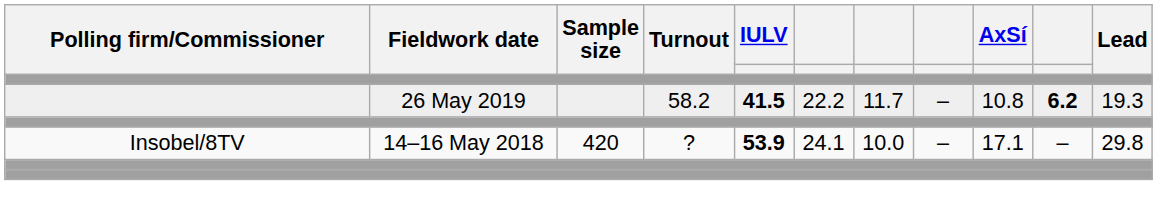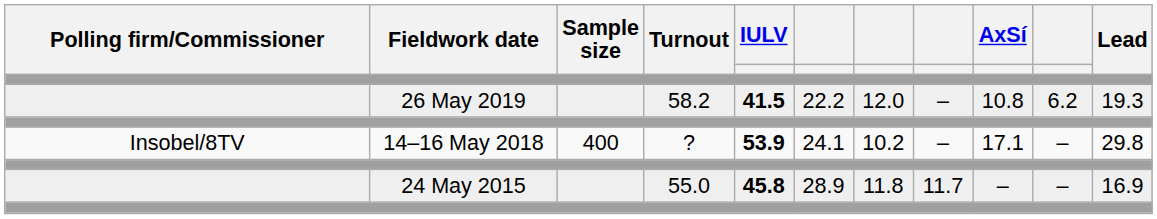 <table class="wikitable collapsible collapsed" style="text-align:center; font-size:95%; line-height:16px;">
 <tr style="height:42px;">
 <th style="width:250px;" rowspan="2">Polling firm/Commissioner</th>
 <th style="width:125px;" rowspan="2">Fieldwork date</th>
 <th style="width:50px;" rowspan="2">Sample size</th>
 <th style="width:45px;" rowspan="2">Turnout</th>
 <th style="width:35px;"><a href='#'>IULV</a></th>
 <th style="width:35px;"></th>
 <th style="width:35px;"></th>
 <th style="width:35px;"></th>
 <th style="width:35px;"><a href='#'>AxSí</a></th>
 <th style="width:35px;"></th>
 <th style="width:30px;" rowspan="2">Lead</th>
 </tr>
 <tr>
 <th style="color:inherit;background:"></th>
 <th style="color:inherit;background:"></th>
 <th style="color:inherit;background:"></th>
 <th style="color:inherit;background:"></th>
 <th style="color:inherit;background:"></th>
 <th style="color:inherit;background:"></th>
 </tr>
 <tr>
 <td colspan="11" style="background:#A0A0A0"></td>
 </tr>
 <tr style="background:#EFEFEF;">
 <td><strong></strong></td>
 <td>26 May 2019</td>
 <td></td>
 <td>58.2</td>
 <td><strong>41.5</strong><br></td>
 <td>22.2<br></td>
-<td>11.7<br></td>
+<td>12.0<br></td>
 <td>–</td>
 <td>10.8<br></td>
-<td><strong>6.2<br></strong></td>
+<td>6.2<br></td>
 <td style="background:">19.3</td>
 </tr>
 <tr>
 <td colspan="11" style="background:#A0A0A0"></td>
 </tr>
 <tr>
 <td>Insobel/8TV</td>
 <td>14–16 May 2018</td>
-<td>420</td>
+<td>400</td>
 <td>?</td>
 <td><strong>53.9</strong><br></td>
 <td>24.1<br></td>
-<td>10.0<br></td>
+<td>10.2<br></td>
 <td>–</td>
 <td>17.1<br></td>
 <td>–</td>
 <td style="background:">29.8</td>
 </tr>
 <tr>
 <td colspan="11" style="background:#A0A0A0"></td>
 </tr>
+<tr style="background:#EFEFEF;">
+<td><strong></strong></td>
+<td>24 May 2015</td>
+<td></td>
+<td>55.0</td>
+<td><strong>45.8</strong><br></td>
+<td>28.9<br></td>
+<td>11.8<br></td>
+<td>11.7<br></td>
+<td>–</td>
+<td>–</td>
+<td style="background:">16.9</td>
+</tr>
 <tr>
 <td colspan="11" style="background:#A0A0A0"></td>
 </tr>
 </table>
